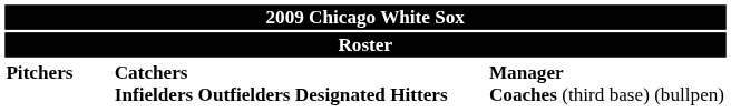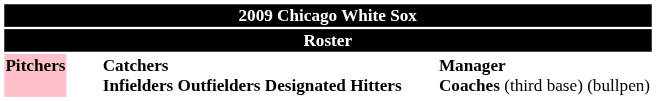 <table class="toccolours" style="font-size: 95%;">
 <tr>
 <th colspan="10" style="background:black; color:#fff; text-align:center;">2009 Chicago White Sox</th>
 </tr>
 <tr>
 <td colspan="10" style="background:black; color:white; text-align:center;"><strong>Roster</strong></td>
 </tr>
 <tr>
-<td valign="top"><strong>Pitchers</strong><br>                      </td>
+<td valign="top" style="background: pink;"><strong>Pitchers</strong><br>                      </td>
 <td style="width:25px;"></td>
 <td valign="top"><strong>Catchers</strong><br>    <strong>Infielders</strong>          <strong>Outfielders</strong>        <strong>Designated Hitters</strong> </td>
 <td style="width:25px;"></td>
 <td valign="top"><strong>Manager</strong><br> <strong>Coaches</strong>     (third base)  (bullpen) </td>
 </tr>
 </table>
